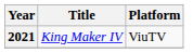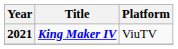 <table class="wikitable plainrowheaders">
 <tr>
 <th scope="col">Year</th>
 <th scope="col">Title</th>
 <th scope="col">Platform</th>
 </tr>
 <tr>
 <th scope="row">2021</th>
-<td><em><a href='#'>King Maker IV</a></em></td>
+<td><strong><em><a href='#'>King Maker IV</a></em></strong></td>
 <td>ViuTV</td>
 </tr>
 <tr>
 </tr>
 </table>
